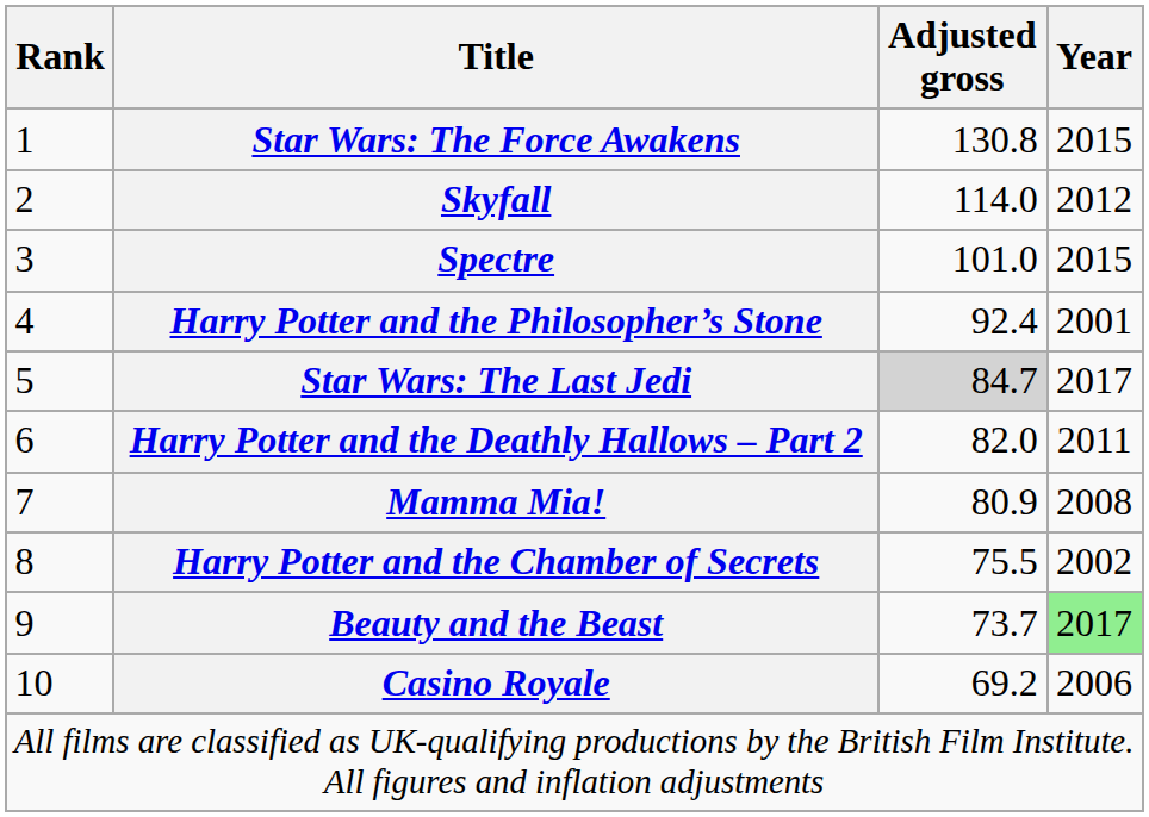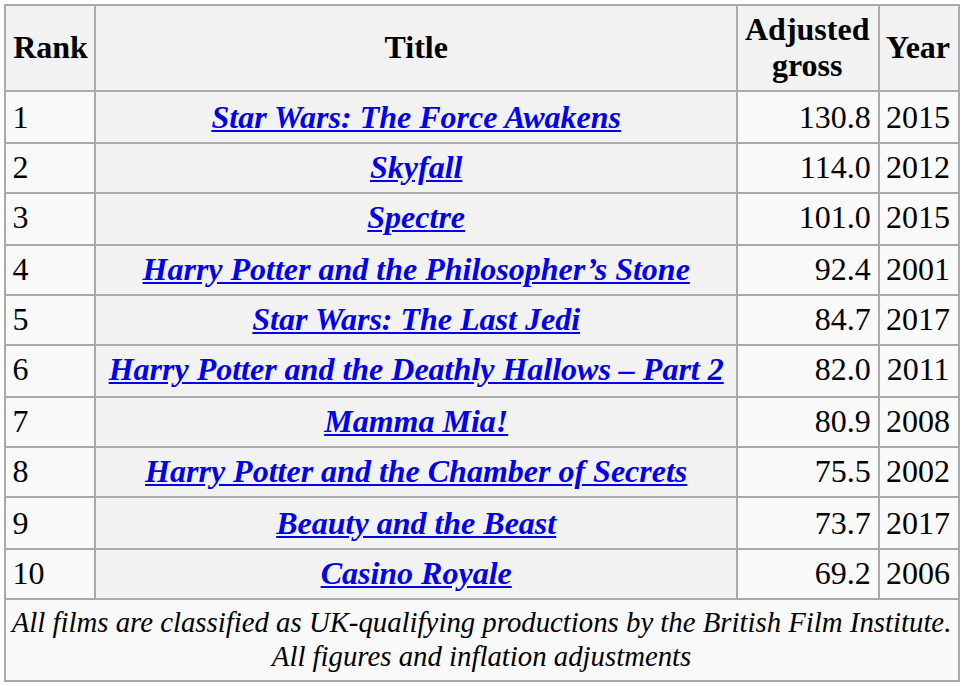 <table class="wikitable sortable plainrowheaders">
 <tr>
 <th scope="col">Rank</th>
 <th scope="col">Title</th>
 <th scope="col">Adjusted<br>gross<br></th>
 <th scope="col">Year</th>
 </tr>
 <tr>
 <td>1</td>
 <th scope="row"><em><a href='#'>Star Wars: The Force Awakens</a></em></th>
 <td align="right">130.8</td>
 <td style="text-align:center;">2015</td>
 </tr>
 <tr>
 <td>2</td>
 <th scope="row"><em><a href='#'>Skyfall</a></em></th>
 <td align="right">114.0</td>
 <td style="text-align:center;">2012</td>
 </tr>
 <tr>
 <td>3</td>
 <th scope="row"><em><a href='#'>Spectre</a></em></th>
 <td align="right">101.0</td>
 <td style="text-align:center;">2015</td>
 </tr>
 <tr>
 <td>4</td>
 <th scope="row"><em><a href='#'>Harry Potter and the Philosopher’s Stone</a></em></th>
 <td align="right">92.4</td>
 <td style="text-align:center;">2001</td>
 </tr>
 <tr>
 <td>5</td>
 <th scope="row"><em><a href='#'>Star Wars: The Last Jedi</a></em></th>
-<td align="right" style="background: lightgrey;">84.7</td>
+<td align="right">84.7</td>
 <td style="text-align:center;">2017</td>
 </tr>
 <tr>
 <td>6</td>
 <th scope="row"><em><a href='#'>Harry Potter and the Deathly Hallows – Part 2</a></em></th>
 <td align="right">82.0</td>
 <td style="text-align:center;">2011</td>
 </tr>
 <tr>
 <td>7</td>
 <th scope="row"><em><a href='#'>Mamma Mia!</a></em></th>
 <td align="right">80.9</td>
 <td style="text-align:center;">2008</td>
 </tr>
 <tr>
 <td>8</td>
 <th scope="row"><em><a href='#'>Harry Potter and the Chamber of Secrets</a></em></th>
 <td align="right">75.5</td>
 <td style="text-align:center;">2002</td>
 </tr>
 <tr>
 <td>9</td>
 <th scope="row"><em><a href='#'>Beauty and the Beast</a></em></th>
 <td align="right">73.7</td>
-<td style="background: lightgreen; text-align:center;">2017</td>
+<td style="text-align:center;">2017</td>
 </tr>
 <tr>
 <td>10</td>
 <th scope="row"><em><a href='#'>Casino Royale</a></em></th>
 <td align="right">69.2</td>
 <td style="text-align:center;">2006</td>
 </tr>
 <tr class="sortbottom" style="text-align:center; font-size:90%">
 <td colspan="4"><em>All films are classified as UK-qualifying productions by the British Film Institute.<br>All figures and inflation adjustments </em></td>
 </tr>
 </table>
